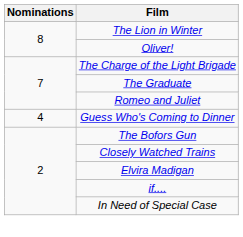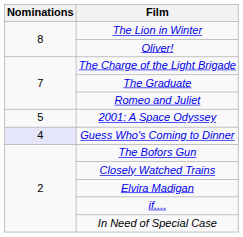 <table class="wikitable" style="text-align:center;">
 <tr>
 <th style="background:">Nominations</th>
 <th style="background:">Film</th>
 </tr>
 <tr>
 <td rowspan="2">8</td>
 <td><em><a href='#'>The Lion in Winter</a></em></td>
 </tr>
 <tr>
 <td><em><a href='#'>Oliver!</a></em></td>
 </tr>
 <tr>
 <td rowspan="3">7</td>
 <td><em><a href='#'>The Charge of the Light Brigade</a></em></td>
 </tr>
 <tr>
 <td><em><a href='#'>The Graduate</a></em></td>
 </tr>
 <tr>
 <td><em><a href='#'>Romeo and Juliet</a></em></td>
 </tr>
 <tr>
-<td>4</td>
+<td>5</td>
+<td><em><a href='#'>2001: A Space Odyssey</a></em></td>
+</tr>
+<tr>
+<td style="background: lavender;">4</td>
 <td><em><a href='#'>Guess Who's Coming to Dinner</a></em></td>
 </tr>
 <tr>
 <td rowspan="5">2</td>
 <td><em><a href='#'>The Bofors Gun</a></em></td>
 </tr>
 <tr>
 <td><em><a href='#'>Closely Watched Trains</a></em></td>
 </tr>
 <tr>
 <td><em><a href='#'>Elvira Madigan</a></em></td>
 </tr>
 <tr>
 <td><em><a href='#'>if....</a></em></td>
 </tr>
 <tr>
 <td><em>In Need of Special Case</em></td>
 </tr>
 </table>
